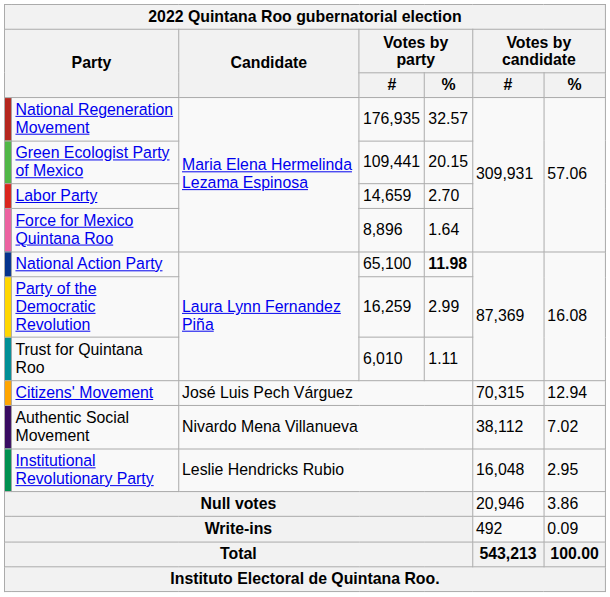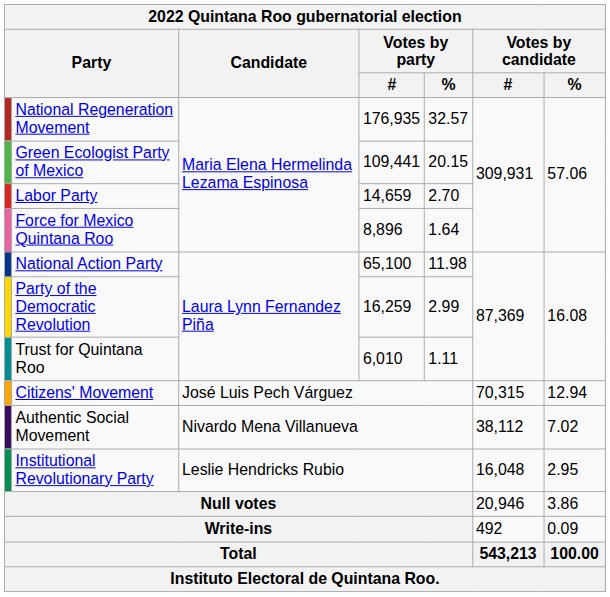 <table class="wikitable sortable">
 <tr>
 <th colspan="7">2022 Quintana Roo gubernatorial election</th>
 </tr>
 <tr>
 <th colspan="2" rowspan="2">Party</th>
 <th rowspan="2">Candidate</th>
 <th colspan="2">Votes by party</th>
 <th colspan="2">Votes by candidate</th>
 </tr>
 <tr>
 <th>#</th>
 <th>%</th>
 <th>#</th>
 <th>%</th>
 </tr>
 <tr>
 <td bgcolor="#B5261E" data-darkreader-inline-bgcolor=""></td>
 <td><a href='#'>National Regeneration Movement</a></td>
 <td rowspan="4"><a href='#'>Maria Elena Hermelinda Lezama Espinosa</a></td>
 <td>176,935</td>
 <td>32.57</td>
 <td rowspan="4">309,931</td>
 <td rowspan="4">57.06</td>
 </tr>
 <tr>
 <td bgcolor="#50B747" data-darkreader-inline-bgcolor=""></td>
 <td><a href='#'>Green Ecologist Party of Mexico</a></td>
 <td>109,441</td>
 <td>20.15</td>
 </tr>
 <tr>
 <td bgcolor="#DA251D" data-darkreader-inline-bgcolor=""></td>
 <td><a href='#'>Labor Party</a></td>
 <td>14,659</td>
 <td>2.70</td>
 </tr>
 <tr>
 <td bgcolor="#EC62A0" data-darkreader-inline-bgcolor=""></td>
 <td><a href='#'>Force for Mexico Quintana Roo</a></td>
 <td>8,896</td>
 <td>1.64</td>
 </tr>
 <tr>
 <td bgcolor="#05338D" data-darkreader-inline-bgcolor=""></td>
 <td><a href='#'>National Action Party</a></td>
 <td rowspan="3"><a href='#'>Laura Lynn Fernandez Piña</a></td>
 <td>65,100</td>
-<td><strong>11.98</strong></td>
+<td>11.98</td>
 <td rowspan="3">87,369</td>
 <td rowspan="3">16.08</td>
 </tr>
 <tr>
 <td bgcolor="#FFD700" data-darkreader-inline-bgcolor=""></td>
 <td><a href='#'>Party of the Democratic Revolution</a></td>
 <td>16,259</td>
 <td>2.99</td>
 </tr>
 <tr>
 <td bgcolor="#008F96" data-darkreader-inline-bgcolor=""></td>
 <td>Trust for Quintana Roo</td>
 <td>6,010</td>
 <td>1.11</td>
 </tr>
 <tr>
 <td bgcolor="#FFA500" data-darkreader-inline-bgcolor=""></td>
 <td><a href='#'>Citizens' Movement</a></td>
 <td colspan="3">José Luis Pech Várguez</td>
 <td>70,315</td>
 <td>12.94</td>
 </tr>
 <tr>
 <td bgcolor="#380B61" data-darkreader-inline-bgcolor=""></td>
 <td>Authentic Social Movement</td>
 <td colspan="3">Nivardo Mena Villanueva</td>
 <td>38,112</td>
 <td>7.02</td>
 </tr>
 <tr>
 <td bgcolor="#009150" data-darkreader-inline-bgcolor=""></td>
 <td><a href='#'>Institutional Revolutionary Party</a></td>
 <td colspan="3">Leslie Hendricks Rubio</td>
 <td>16,048</td>
 <td>2.95</td>
 </tr>
 <tr>
 <th colspan="5">Null votes</th>
 <td>20,946</td>
 <td>3.86</td>
 </tr>
 <tr>
 <th colspan="5">Write-ins</th>
 <td>492</td>
 <td>0.09</td>
 </tr>
 <tr>
 <th colspan="5">Total</th>
 <th>543,213</th>
 <th>100.00</th>
 </tr>
 <tr>
 <th colspan="7">Instituto Electoral de Quintana Roo.</th>
 </tr>
 </table>
